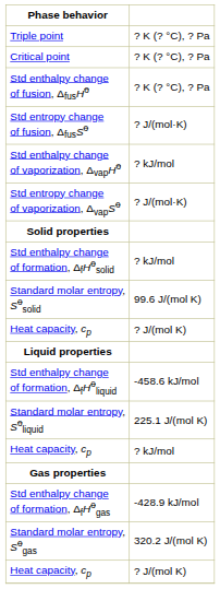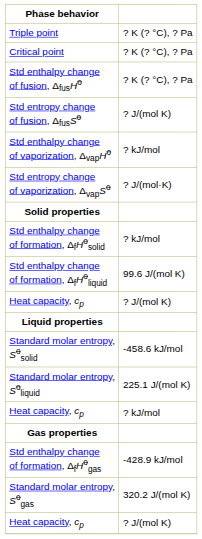 <table border="1" cellspacing="0" cellpadding="6" style="margin: 0 0 0 0.5em; background: #FFFFFF; border-collapse: collapse; border-color: #C0C090;">
 <tr>
 <th>Phase behavior</th>
 </tr>
 <tr>
 <td><a href='#'>Triple point</a></td>
 <td>? K (? °C), ? Pa</td>
 </tr>
 <tr>
 <td><a href='#'>Critical point</a></td>
 <td>? K (? °C), ? Pa</td>
 </tr>
 <tr>
 <td><a href='#'>Std enthalpy change<br>of fusion</a>, Δ<sub>fus</sub><em>H</em><sup><s>o</s></sup></td>
 <td>? K (? °C), ? Pa</td>
 </tr>
 <tr>
 <td><a href='#'>Std entropy change<br>of fusion</a>, Δ<sub>fus</sub><em>S</em><sup><s>o</s></sup></td>
-<td>? J/(mol·K)</td>
+<td>? J/(mol K)</td>
 </tr>
 <tr>
 <td><a href='#'>Std enthalpy change<br>of vaporization</a>, Δ<sub>vap</sub><em>H</em><sup><s>o</s></sup></td>
 <td>? kJ/mol</td>
 </tr>
 <tr>
 <td><a href='#'>Std entropy change<br>of vaporization</a>, Δ<sub>vap</sub><em>S</em><sup><s>o</s></sup></td>
 <td>? J/(mol·K)</td>
 </tr>
 <tr>
 <th>Solid properties</th>
 </tr>
 <tr>
 <td><a href='#'>Std enthalpy change<br>of formation</a>, Δ<sub>f</sub><em>H</em><sup><s>o</s></sup><sub>solid</sub></td>
 <td>? kJ/mol</td>
 </tr>
 <tr>
-<td><a href='#'>Standard molar entropy</a>,<br><em>S</em><sup><s>o</s></sup><sub>solid</sub></td>
+<td><a href='#'>Std enthalpy change<br>of formation</a>, Δ<sub>f</sub><em>H</em><sup><s>o</s></sup><sub>liquid</sub></td>
 <td>99.6 J/(mol K)</td>
 </tr>
 <tr>
 <td><a href='#'>Heat capacity</a>, <em>c<sub>p</sub></em></td>
 <td>? J/(mol K)</td>
 </tr>
 <tr>
 <th>Liquid properties</th>
 </tr>
 <tr>
-<td><a href='#'>Std enthalpy change<br>of formation</a>, Δ<sub>f</sub><em>H</em><sup><s>o</s></sup><sub>liquid</sub></td>
+<td><a href='#'>Standard molar entropy</a>,<br><em>S</em><sup><s>o</s></sup><sub>solid</sub></td>
 <td>-458.6 kJ/mol</td>
 </tr>
 <tr>
 <td><a href='#'>Standard molar entropy</a>,<br><em>S</em><sup><s>o</s></sup><sub>liquid</sub></td>
 <td>225.1 J/(mol K)</td>
 </tr>
 <tr>
 <td><a href='#'>Heat capacity</a>, <em>c<sub>p</sub></em></td>
 <td>? kJ/mol</td>
 </tr>
 <tr>
 <th>Gas properties</th>
 </tr>
 <tr>
 <td><a href='#'>Std enthalpy change<br>of formation</a>, Δ<sub>f</sub><em>H</em><sup><s>o</s></sup><sub>gas</sub></td>
 <td>-428.9 kJ/mol</td>
 </tr>
 <tr>
 <td><a href='#'>Standard molar entropy</a>,<br><em>S</em><sup><s>o</s></sup><sub>gas</sub></td>
 <td>320.2 J/(mol K)</td>
 </tr>
 <tr>
 <td><a href='#'>Heat capacity</a>, <em>c<sub>p</sub></em></td>
 <td>? J/(mol K)</td>
 </tr>
 <tr>
 </tr>
 </table>
